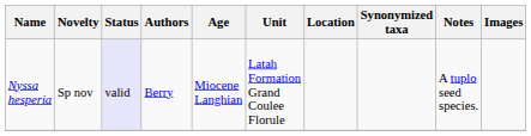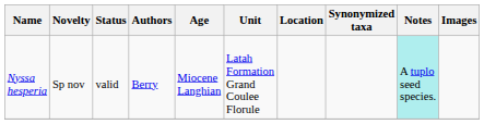 <table class="wikitable sortable" align="center" width="100%">
 <tr>
 <th>Name</th>
 <th>Novelty</th>
 <th>Status</th>
 <th>Authors</th>
 <th>Age</th>
 <th>Unit</th>
 <th>Location</th>
 <th>Synonymized taxa</th>
 <th>Notes</th>
 <th>Images</th>
 </tr>
 <tr>
 <td><br><em><a href='#'>Nyssa hesperia</a></em></td>
 <td><br>Sp nov</td>
-<td style="background: lavender;"><br>valid</td>
+<td><br>valid</td>
 <td><br><a href='#'>Berry</a></td>
 <td><br><a href='#'>Miocene</a><br><a href='#'>Langhian</a></td>
 <td><br><a href='#'>Latah Formation</a><br>Grand Coulee Florule</td>
 <td><br><br></td>
 <td></td>
-<td><br>A <a href='#'>tuplo</a> seed species.</td>
+<td style="background: paleturquoise;"><br>A <a href='#'>tuplo</a> seed species.</td>
 <td></td>
 </tr>
 <tr>
 </tr>
 </table>
